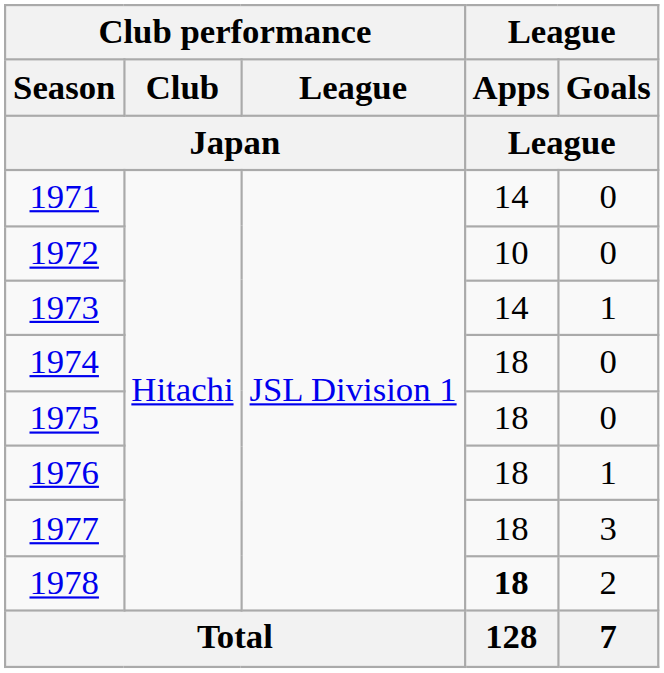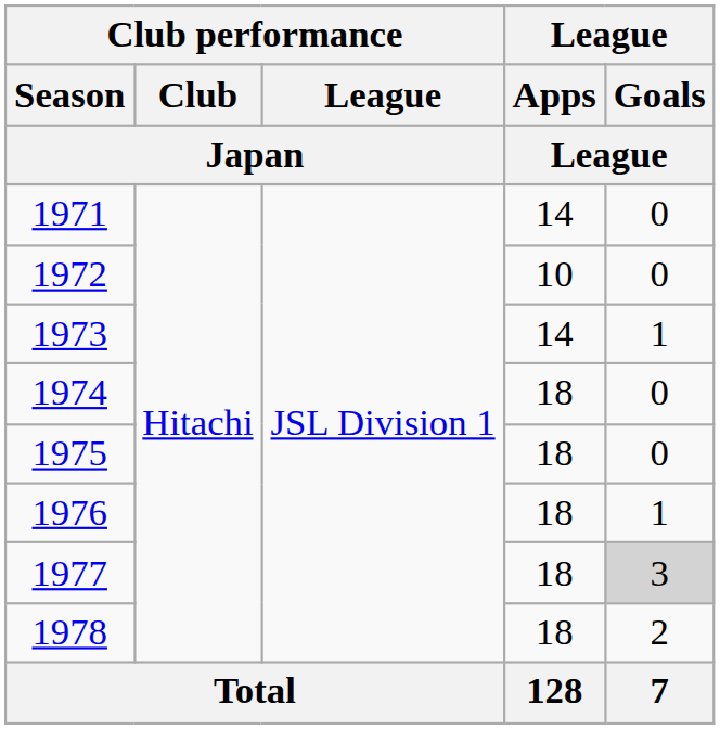 <table class="wikitable" style="text-align:center;">
 <tr>
 <th colspan=3>Club performance</th>
 <th colspan=2>League</th>
 </tr>
 <tr>
 <th>Season</th>
 <th>Club</th>
 <th>League</th>
 <th>Apps</th>
 <th>Goals</th>
 </tr>
 <tr>
 <th colspan=3>Japan</th>
 <th colspan=2>League</th>
 </tr>
 <tr>
 <td><a href='#'>1971</a></td>
 <td rowspan="8"><a href='#'>Hitachi</a></td>
 <td rowspan="8"><a href='#'>JSL Division 1</a></td>
 <td>14</td>
 <td>0</td>
 </tr>
 <tr>
 <td><a href='#'>1972</a></td>
 <td>10</td>
 <td>0</td>
 </tr>
 <tr>
 <td><a href='#'>1973</a></td>
 <td>14</td>
 <td>1</td>
 </tr>
 <tr>
 <td><a href='#'>1974</a></td>
 <td>18</td>
 <td>0</td>
 </tr>
 <tr>
 <td><a href='#'>1975</a></td>
 <td>18</td>
 <td>0</td>
 </tr>
 <tr>
 <td><a href='#'>1976</a></td>
 <td>18</td>
 <td>1</td>
 </tr>
 <tr>
 <td><a href='#'>1977</a></td>
 <td>18</td>
-<td>3</td>
+<td style="background: lightgrey;">3</td>
 </tr>
 <tr>
 <td><a href='#'>1978</a></td>
-<td><strong>18</strong></td>
+<td>18</td>
 <td>2</td>
 </tr>
 <tr>
 <th colspan=3>Total</th>
 <th>128</th>
 <th>7</th>
 </tr>
 </table>
